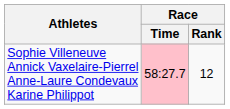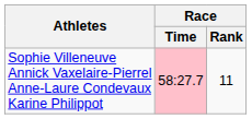 <table class="wikitable" border="1" style="font-size:90%">
 <tr>
 <th rowspan=2>Athletes</th>
 <th colspan=2>Race</th>
 </tr>
 <tr>
 <th>Time</th>
 <th>Rank</th>
 </tr>
 <tr>
 <td><a href='#'>Sophie Villeneuve</a><br><a href='#'>Annick Vaxelaire-Pierrel</a><br><a href='#'>Anne-Laure Condevaux</a><br><a href='#'>Karine Philippot</a></td>
 <td align=center style="background: pink;">58:27.7</td>
-<td align=center>12</td>
+<td align=center>11</td>
 </tr>
 </table>
